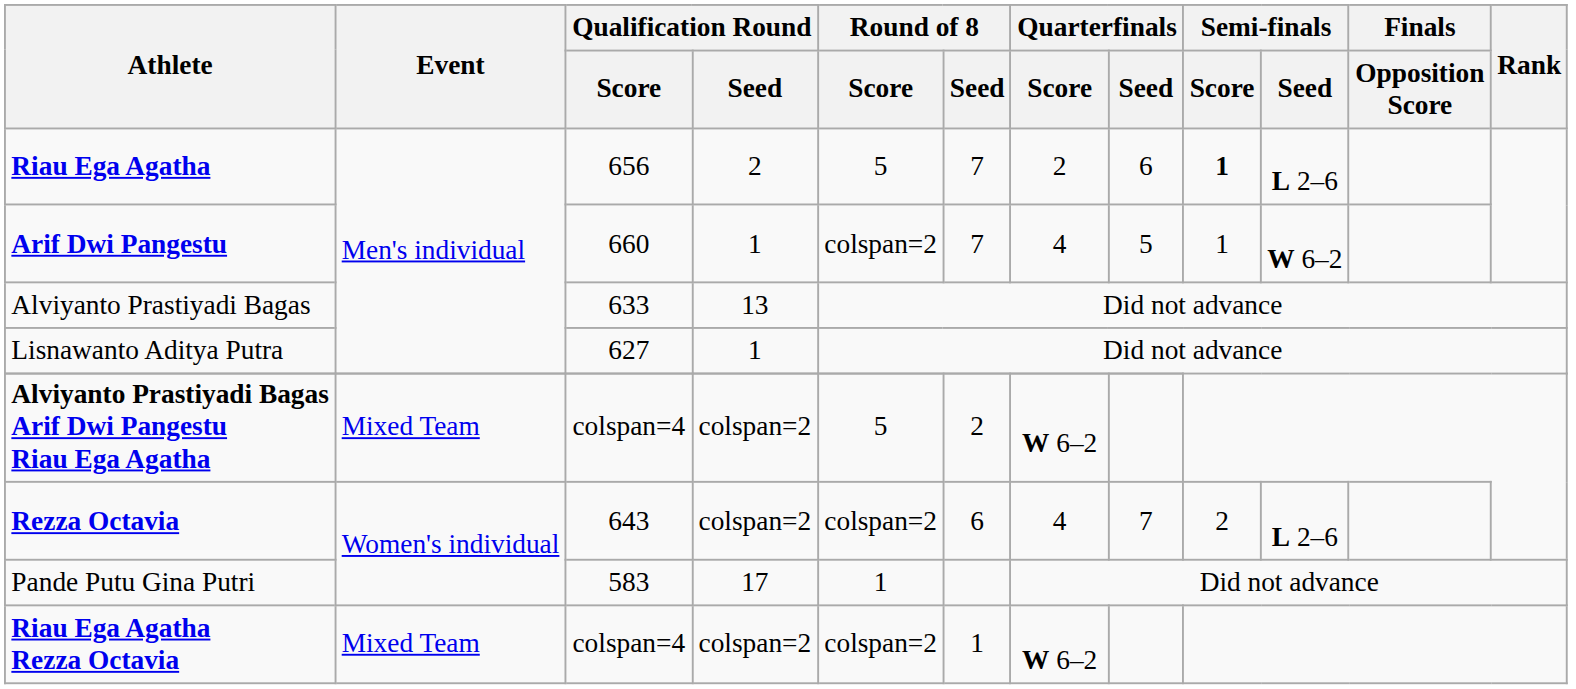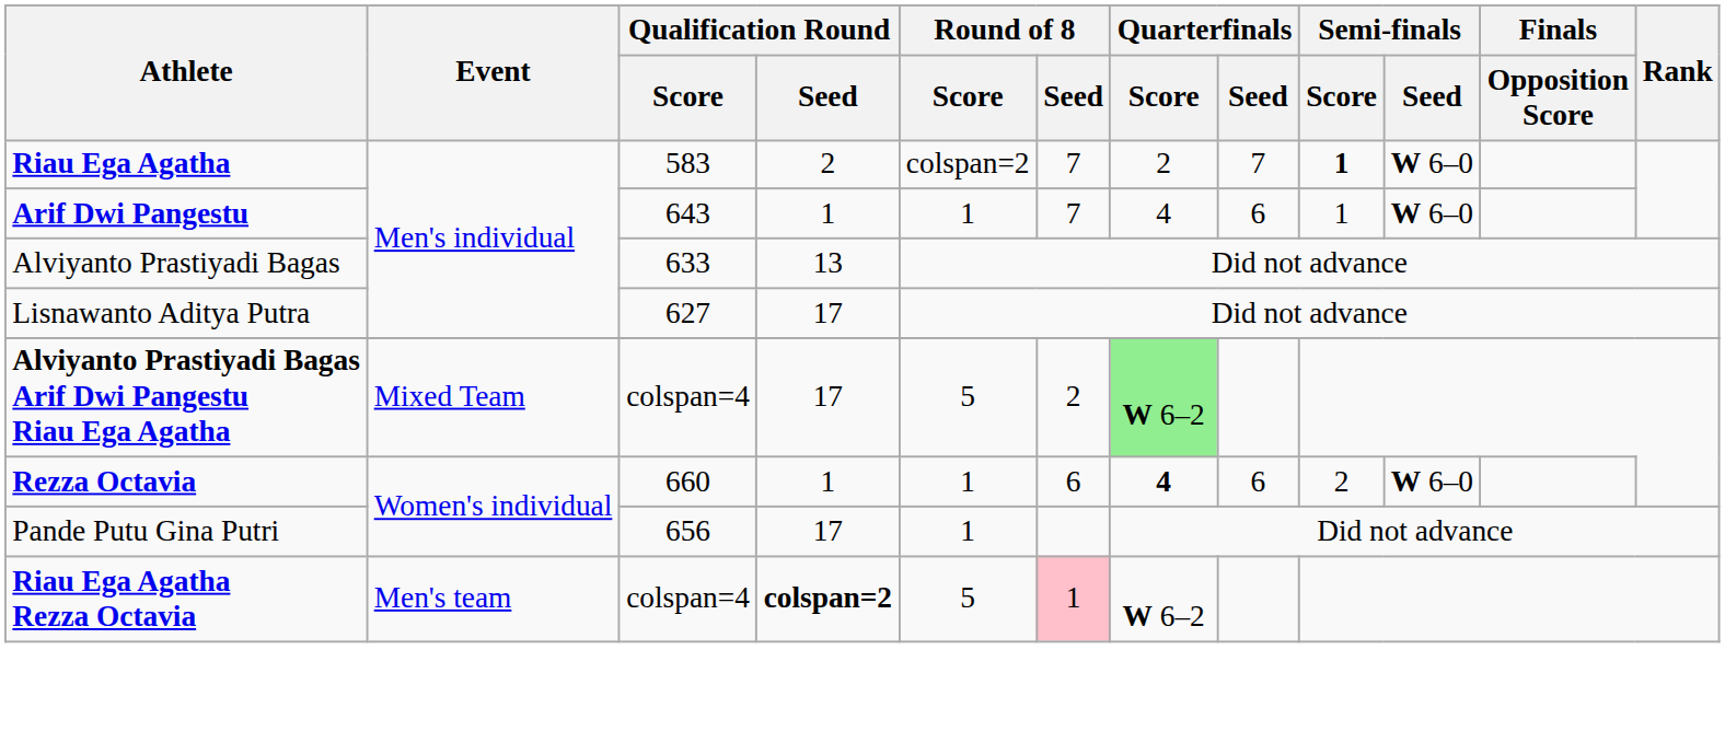 <table class="wikitable" style="text-align:center; font-size:90%">
 <tr>
 <th rowspan="2">Athlete</th>
 <th rowspan="2">Event</th>
 <th colspan="2">Qualification Round</th>
 <th colspan="2">Round of 8</th>
 <th colspan="2">Quarterfinals</th>
 <th colspan="2">Semi-finals</th>
 <th>Finals</th>
 <th rowspan="2">Rank</th>
 </tr>
 <tr style="font size:95%">
 <th>Score</th>
 <th>Seed</th>
 <th>Score</th>
 <th>Seed</th>
 <th>Score</th>
 <th>Seed</th>
 <th>Score</th>
 <th>Seed</th>
 <th>Opposition<br>Score</th>
 </tr>
 <tr>
 <td align=left><strong><a href='#'>Riau Ega Agatha</a></strong></td>
 <td align=left rowspan=4><a href='#'>Men's individual</a></td>
-<td>656</td>
+<td>583</td>
 <td>2</td>
-<td>5</td>
+<td>colspan=2 </td>
 <td>7</td>
 <td>2</td>
-<td>6</td>
+<td>7</td>
 <td><strong>1</strong></td>
-<td> <br> <strong>L</strong> 2–6</td>
+<td> <strong>W</strong> 6–0</td>
 <td></td>
 </tr>
 <tr>
 <td align=left><strong><a href='#'>Arif Dwi Pangestu</a></strong></td>
-<td>660</td>
+<td>643</td>
 <td>1</td>
-<td>colspan=2 </td>
+<td>1</td>
 <td>7</td>
 <td>4</td>
-<td>5</td>
+<td>6</td>
 <td>1</td>
-<td><br> <strong>W</strong> 6–2</td>
+<td> <strong>W</strong> 6–0</td>
 <td></td>
 </tr>
 <tr>
 <td align=left>Alviyanto Prastiyadi Bagas</td>
 <td>633</td>
 <td>13</td>
 <td colspan=8>Did not advance</td>
 </tr>
 <tr>
 <td align=left>Lisnawanto Aditya Putra</td>
 <td>627</td>
-<td>1</td>
+<td>17</td>
 <td colspan=8>Did not advance</td>
 </tr>
 <tr>
 </tr>
 <tr>
 <td align=left><strong>Alviyanto Prastiyadi Bagas<br> <a href='#'>Arif Dwi Pangestu</a> <br> <a href='#'>Riau Ega Agatha</a></strong></td>
 <td align=left><a href='#'>Mixed Team</a></td>
 <td>colspan=4 </td>
-<td>colspan=2 </td>
+<td>17</td>
 <td>5</td>
 <td>2</td>
-<td><br><strong>W</strong> 6–2</td>
+<td style="background: lightgreen;"><br><strong>W</strong> 6–2</td>
 <td></td>
 </tr>
 <tr>
 <td align=left><strong><a href='#'>Rezza Octavia</a></strong></td>
 <td align=left rowspan=2><a href='#'>Women's individual</a></td>
-<td>643</td>
-<td>colspan=2 </td>
-<td>colspan=2 </td>
+<td>660</td>
+<td>1</td>
+<td>1</td>
 <td>6</td>
-<td>4</td>
-<td>7</td>
+<td><strong>4</strong></td>
+<td>6</td>
 <td>2</td>
-<td> <br> <strong>L</strong> 2–6</td>
+<td> <strong>W</strong> 6–0</td>
 <td></td>
 </tr>
 <tr>
 <td align=left>Pande Putu Gina Putri</td>
-<td>583</td>
+<td>656</td>
 <td>17</td>
 <td>1</td>
 <td></td>
 <td colspan=6>Did not advance</td>
 </tr>
 <tr>
 <td align=left><strong><a href='#'>Riau Ega Agatha</a><br> <a href='#'>Rezza Octavia</a></strong></td>
-<td align=left><a href='#'>Mixed Team</a></td>
+<td align=left><a href='#'>Men's team</a></td>
 <td>colspan=4 </td>
-<td>colspan=2 </td>
-<td>colspan=2 </td>
-<td>1</td>
+<td><strong>colspan=2 </strong></td>
+<td>5</td>
+<td style="background: pink;">1</td>
 <td><br><strong>W</strong> 6–2</td>
 <td></td>
 </tr>
 </table>
